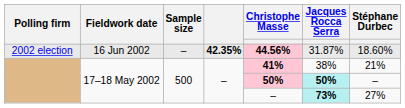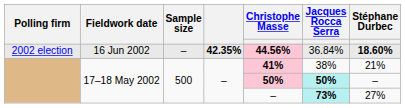 <table class="wikitable sortable" style="text-align:center;font-size:90%;line-height:14px;">
 <tr style="height:40px;">
 <th style="width:100px;" rowspan="2">Polling firm</th>
 <th style="width:110px;" rowspan="2">Fieldwork date</th>
 <th style="width:35px;" rowspan="2">Sample<br>size</th>
 <th style="width:30px;" rowspan="2"></th>
 <th class="unsortable" style="width:60px;"><a href='#'>Christophe Masse</a><br></th>
 <th class="unsortable" style="width:60px;"><a href='#'>Jacques Rocca Serra</a><br></th>
 <th class="unsortable" style="width:60px;">Stéphane Durbec<br></th>
 </tr>
 <tr>
 <th style="background:"></th>
 <th style="background:"></th>
 <th style="background:"></th>
 </tr>
 <tr style="background:#E9E9E9;">
 <td><a href='#'>2002 election</a></td>
 <td data-sort-value="2002-06-16">16 Jun 2002</td>
 <td>–</td>
 <td><strong>42.35%</strong></td>
 <td style="background:#FFC6D5;"><strong>44.56%</strong></td>
-<td>31.87%</td>
-<td>18.60%</td>
+<td>36.84%</td>
+<td><strong>18.60%</strong></td>
 </tr>
 <tr>
 <td rowspan="3" style="background:burlywood;"></td>
 <td rowspan="3" data-sort-value="2002-05-18">17–18 May 2002</td>
 <td rowspan="3">500</td>
 <td rowspan="3">–</td>
 <td style="background:#FFC6D5;"><strong>41%</strong></td>
 <td>38%</td>
 <td>21%</td>
 </tr>
 <tr>
 <td style="background:#FFC6D5;"><strong>50%</strong></td>
 <td style="background:#B6F0F0;"><strong>50%</strong></td>
 <td>–</td>
 </tr>
 <tr>
 <td>–</td>
 <td style="background:#B6F0F0;"><strong>73%</strong></td>
 <td>27%</td>
 </tr>
 </table>
